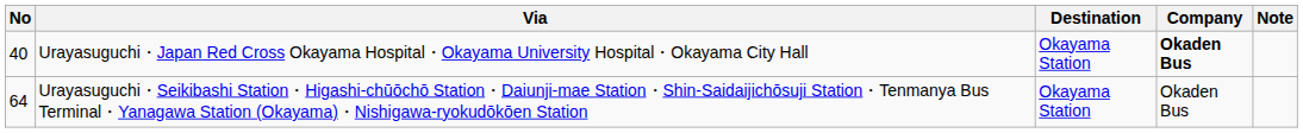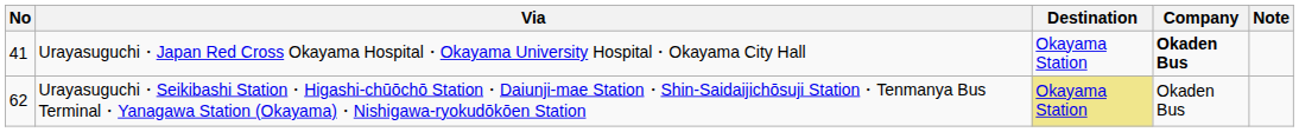 <table class="wikitable">
 <tr>
 <th>No</th>
 <th>Via</th>
 <th>Destination</th>
 <th>Company</th>
 <th>Note</th>
 </tr>
 <tr>
-<td>40</td>
+<td>41</td>
 <td>Urayasuguchi・<a href='#'>Japan Red Cross</a> Okayama Hospital・<a href='#'>Okayama University</a> Hospital・Okayama City Hall</td>
 <td><a href='#'>Okayama Station</a></td>
 <td><strong>Okaden Bus</strong></td>
 <td></td>
 </tr>
 <tr>
-<td>64</td>
+<td>62</td>
 <td>Urayasuguchi・<a href='#'>Seikibashi Station</a>・<a href='#'>Higashi-chūōchō Station</a>・<a href='#'>Daiunji-mae Station</a>・<a href='#'>Shin-Saidaijichōsuji Station</a>・Tenmanya Bus Terminal・<a href='#'>Yanagawa Station (Okayama)</a>・<a href='#'>Nishigawa-ryokudōkōen Station</a></td>
-<td><a href='#'>Okayama Station</a></td>
+<td style="background: khaki;"><a href='#'>Okayama Station</a></td>
 <td>Okaden Bus</td>
 <td></td>
 </tr>
 </table>
